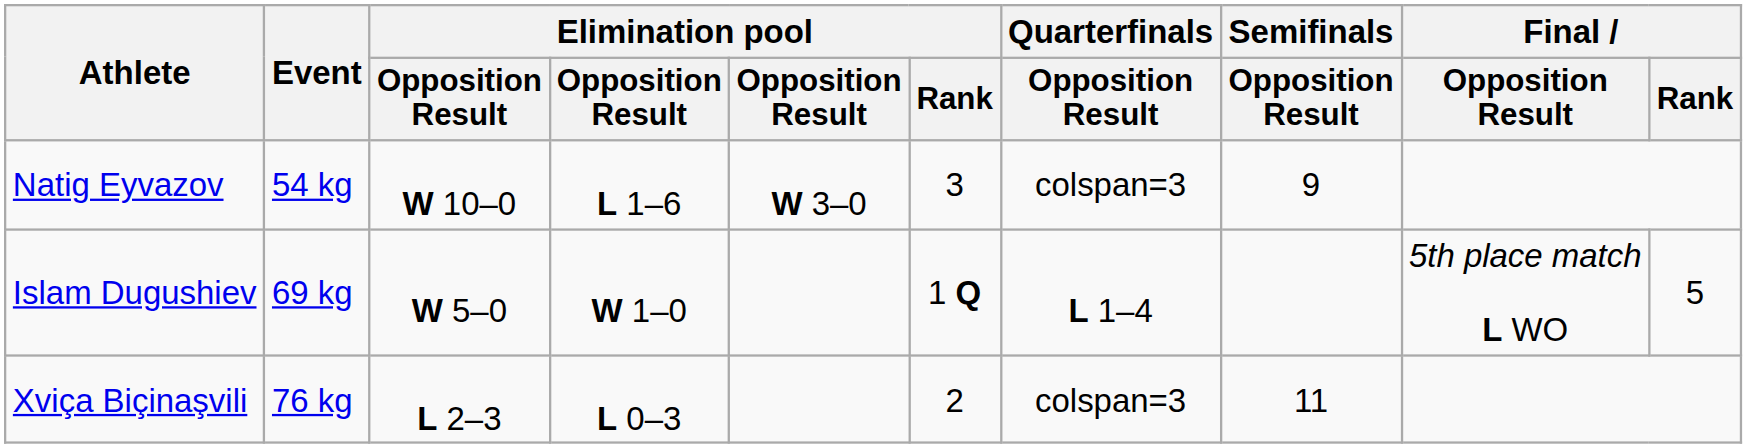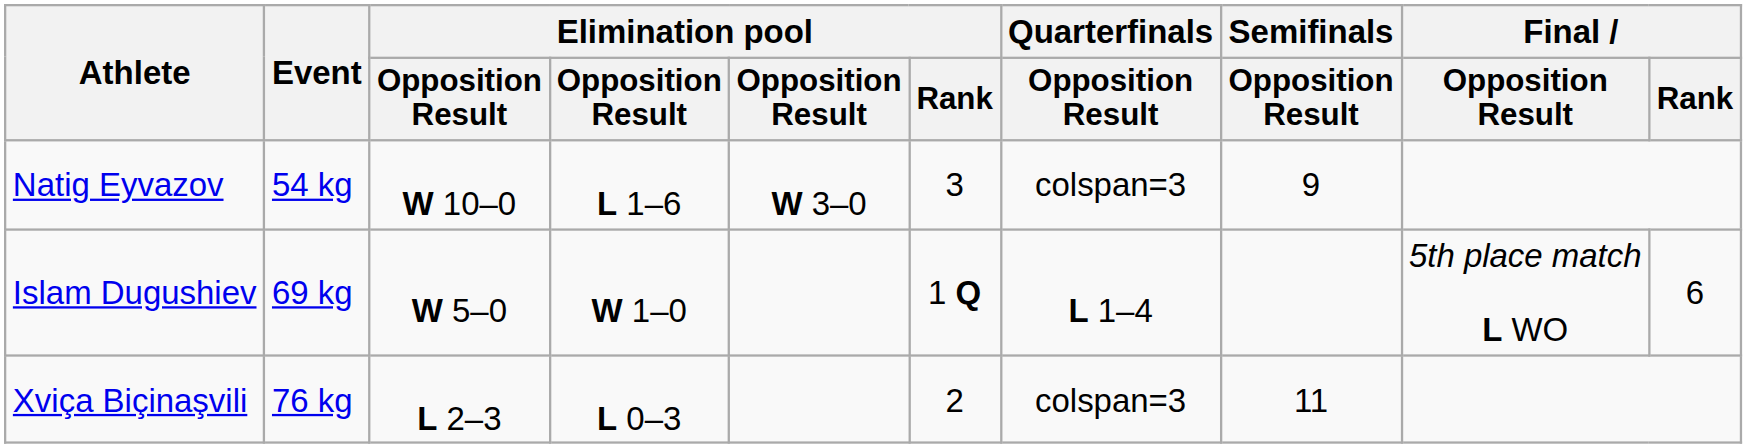 <table class=wikitable style=font-size:90%;text-align:center>
 <tr>
 <th rowspan=2>Athlete</th>
 <th rowspan=2>Event</th>
 <th colspan=4>Elimination pool</th>
 <th>Quarterfinals</th>
 <th>Semifinals</th>
 <th colspan=2>Final / </th>
 </tr>
 <tr style=font-size:95%>
 <th>Opposition<br>Result</th>
 <th>Opposition<br>Result</th>
 <th>Opposition<br>Result</th>
 <th>Rank</th>
 <th>Opposition<br>Result</th>
 <th>Opposition<br>Result</th>
 <th>Opposition<br>Result</th>
 <th>Rank</th>
 </tr>
 <tr>
 <td align=left><a href='#'>Natig Eyvazov</a></td>
 <td align=left><a href='#'>54 kg</a></td>
 <td><br><strong>W</strong> 10–0</td>
 <td><br><strong>L</strong> 1–6</td>
 <td><br><strong>W</strong> 3–0</td>
 <td>3</td>
 <td>colspan=3 </td>
 <td>9</td>
 </tr>
 <tr>
 <td align=left><a href='#'>Islam Dugushiev</a></td>
 <td align=left><a href='#'>69 kg</a></td>
 <td><br><strong>W</strong> 5–0</td>
 <td><br><strong>W</strong> 1–0</td>
 <td></td>
 <td>1 <strong>Q</strong></td>
 <td><br><strong>L</strong> 1–4</td>
 <td></td>
 <td><em>5th place match</em><br><br><strong>L</strong> WO</td>
-<td>5</td>
+<td>6</td>
 </tr>
 <tr>
 <td align=left><a href='#'>Xviça Biçinaşvili</a></td>
 <td align=left><a href='#'>76 kg</a></td>
 <td><br><strong>L</strong> 2–3</td>
 <td><br><strong>L</strong> 0–3</td>
 <td></td>
 <td>2</td>
 <td>colspan=3 </td>
 <td>11</td>
 </tr>
 </table>
